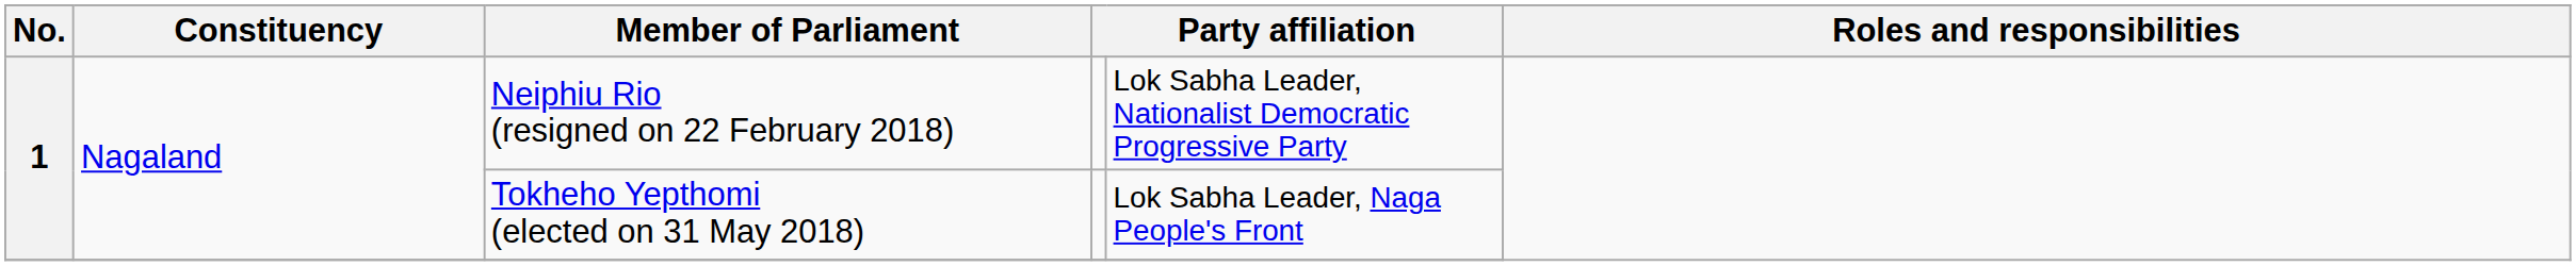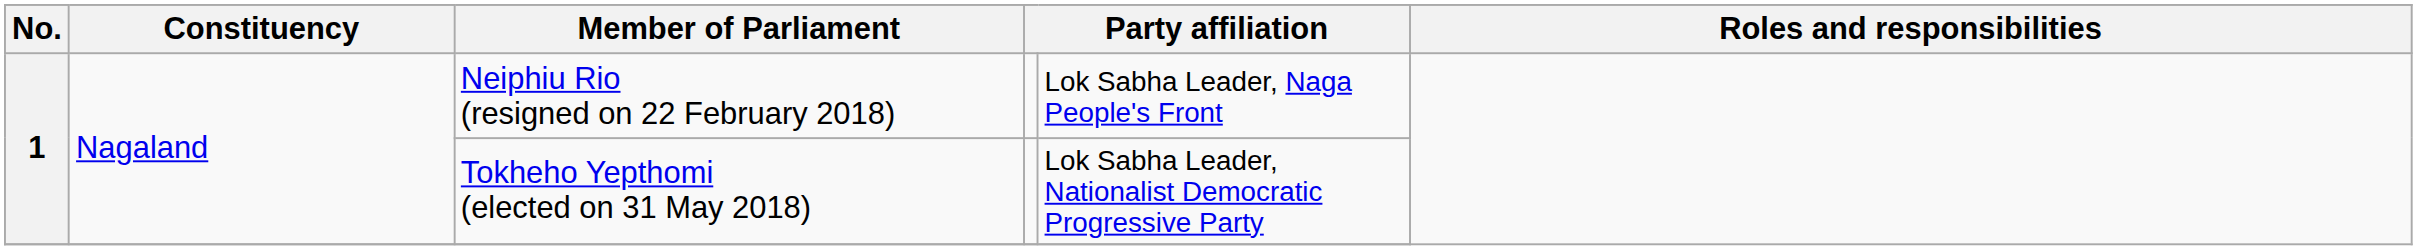 <table class="wikitable">
 <tr style="text-align:center;">
 <th>No.</th>
 <th style="width:12em">Constituency</th>
 <th style="width:18em">Member of Parliament</th>
 <th colspan="2" style="width:18em">Party affiliation</th>
 <th style="width:32em">Roles and responsibilities</th>
 </tr>
 <tr>
 <th rowspan="2">1</th>
 <td rowspan="2"><a href='#'>Nagaland</a></td>
 <td><a href='#'>Neiphiu Rio</a><br>(resigned on 22 February 2018)</td>
 <td></td>
-<td style="font-size:90%">Lok Sabha Leader, <a href='#'>Nationalist Democratic Progressive Party</a></td>
+<td style="font-size:90%">Lok Sabha Leader, <a href='#'>Naga People's Front</a></td>
 </tr>
 <tr>
 <td><a href='#'>Tokheho Yepthomi</a><br>(elected on 31 May 2018)</td>
 <td></td>
-<td style="font-size:90%">Lok Sabha Leader, <a href='#'>Naga People's Front</a></td>
+<td style="font-size:90%">Lok Sabha Leader, <a href='#'>Nationalist Democratic Progressive Party</a></td>
 </tr>
 <tr>
 </tr>
 </table>
